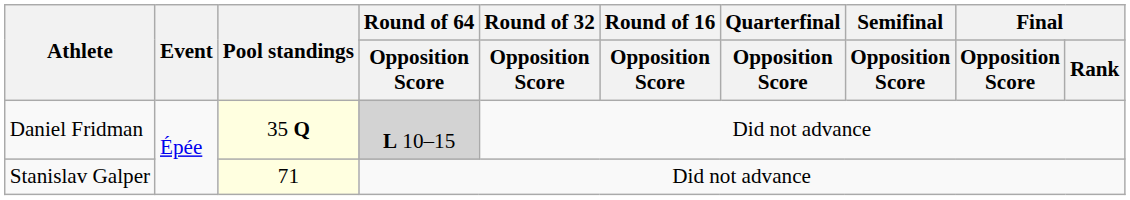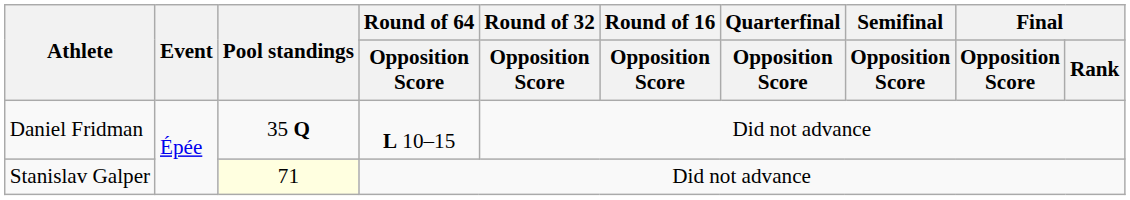 <table class="wikitable" style="font-size:90%">
 <tr>
 <th rowspan=2>Athlete</th>
 <th rowspan=2>Event</th>
 <th rowspan=2>Pool standings</th>
 <th>Round of 64</th>
 <th>Round of 32</th>
 <th>Round of 16</th>
 <th>Quarterfinal</th>
 <th>Semifinal</th>
 <th colspan=2>Final</th>
 </tr>
 <tr>
 <th>Opposition<br>Score</th>
 <th>Opposition<br>Score</th>
 <th>Opposition<br>Score</th>
 <th>Opposition<br>Score</th>
 <th>Opposition<br>Score</th>
 <th>Opposition<br>Score</th>
 <th>Rank</th>
 </tr>
 <tr align=center>
 <td align=left>Daniel Fridman</td>
 <td align=left rowspan=2><a href='#'>Épée</a></td>
-<td style="background: lightyellow;">35 <strong>Q</strong></td>
-<td style="background: lightgrey;"><br><strong>L</strong> 10–15</td>
+<td>35 <strong>Q</strong></td>
+<td><br><strong>L</strong> 10–15</td>
 <td colspan=6>Did not advance</td>
 </tr>
 <tr align=center>
 <td align=left>Stanislav Galper</td>
 <td style="background: lightyellow;">71</td>
 <td colspan=7>Did not advance</td>
 </tr>
 </table>
